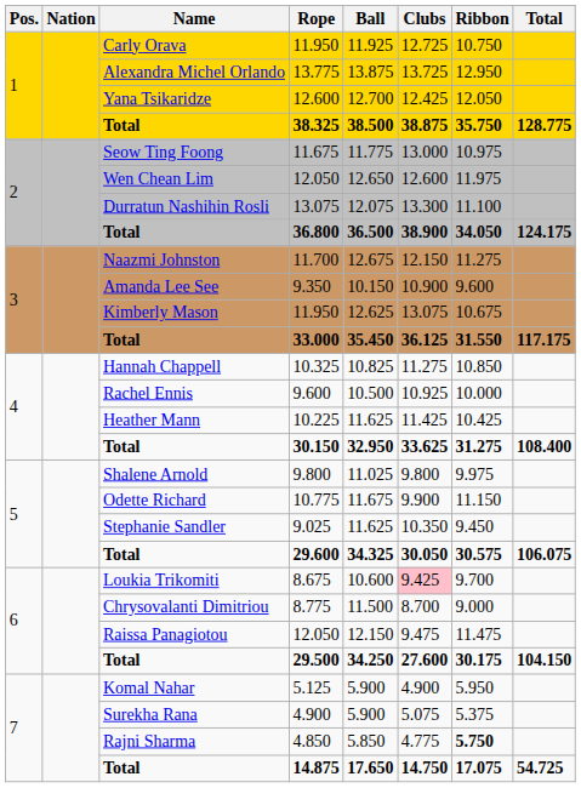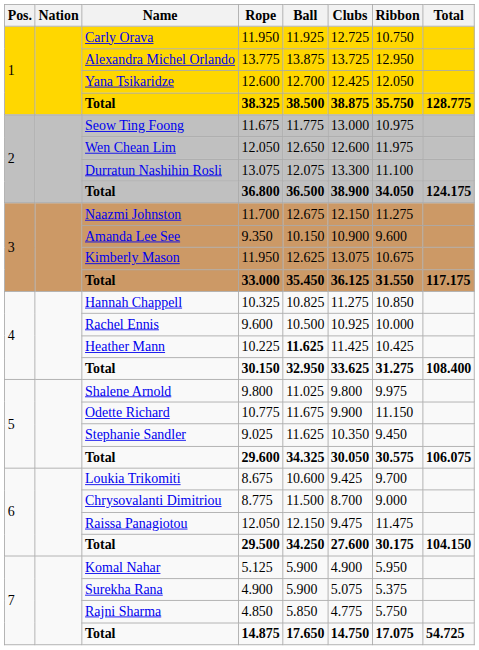 <table class="wikitable">
 <tr>
 <th>Pos.</th>
 <th>Nation</th>
 <th>Name</th>
 <th>Rope</th>
 <th>Ball</th>
 <th>Clubs</th>
 <th>Ribbon</th>
 <th>Total</th>
 </tr>
 <tr bgcolor="gold">
 <td rowspan="4">1</td>
 <td rowspan="4"></td>
 <td><a href='#'>Carly Orava</a></td>
 <td>11.950</td>
 <td>11.925</td>
 <td>12.725</td>
 <td>10.750</td>
 <td></td>
 </tr>
 <tr bgcolor="gold">
 <td><a href='#'>Alexandra Michel Orlando</a></td>
 <td>13.775</td>
 <td>13.875</td>
 <td>13.725</td>
 <td>12.950</td>
 <td></td>
 </tr>
 <tr bgcolor="gold">
 <td><a href='#'>Yana Tsikaridze</a></td>
 <td>12.600</td>
 <td>12.700</td>
 <td>12.425</td>
 <td>12.050</td>
 <td></td>
 </tr>
 <tr bgcolor="gold">
 <td><strong>Total</strong></td>
 <td><strong>38.325</strong></td>
 <td><strong>38.500</strong></td>
 <td><strong>38.875</strong></td>
 <td><strong>35.750</strong></td>
 <td><strong>128.775</strong></td>
 </tr>
 <tr bgcolor="silver">
 <td rowspan="4">2</td>
 <td rowspan="4"></td>
 <td><a href='#'>Seow Ting Foong</a></td>
 <td>11.675</td>
 <td>11.775</td>
 <td>13.000</td>
 <td>10.975</td>
 <td></td>
 </tr>
 <tr bgcolor="silver">
 <td><a href='#'>Wen Chean Lim</a></td>
 <td>12.050</td>
 <td>12.650</td>
 <td>12.600</td>
 <td>11.975</td>
 <td></td>
 </tr>
 <tr bgcolor="silver">
 <td><a href='#'>Durratun Nashihin Rosli</a></td>
 <td>13.075</td>
 <td>12.075</td>
 <td>13.300</td>
 <td>11.100</td>
 <td></td>
 </tr>
 <tr bgcolor="silver">
 <td><strong>Total</strong></td>
 <td><strong>36.800</strong></td>
 <td><strong>36.500</strong></td>
 <td><strong>38.900</strong></td>
 <td><strong>34.050</strong></td>
 <td><strong>124.175</strong></td>
 </tr>
 <tr bgcolor="cc9966">
 <td rowspan="4">3</td>
 <td rowspan="4"></td>
 <td><a href='#'>Naazmi Johnston</a></td>
 <td>11.700</td>
 <td>12.675</td>
 <td>12.150</td>
 <td>11.275</td>
 <td></td>
 </tr>
 <tr bgcolor="cc9966">
 <td><a href='#'>Amanda Lee See</a></td>
 <td>9.350</td>
 <td>10.150</td>
 <td>10.900</td>
 <td>9.600</td>
 <td></td>
 </tr>
 <tr bgcolor="cc9966">
 <td><a href='#'>Kimberly Mason</a></td>
 <td>11.950</td>
 <td>12.625</td>
 <td>13.075</td>
 <td>10.675</td>
 <td></td>
 </tr>
 <tr bgcolor="cc9966">
 <td><strong>Total</strong></td>
 <td><strong>33.000</strong></td>
 <td><strong>35.450</strong></td>
 <td><strong>36.125</strong></td>
 <td><strong>31.550</strong></td>
 <td><strong>117.175</strong></td>
 </tr>
 <tr>
 <td rowspan="4">4</td>
 <td rowspan="4"></td>
 <td><a href='#'>Hannah Chappell</a></td>
 <td>10.325</td>
 <td>10.825</td>
 <td>11.275</td>
 <td>10.850</td>
 <td></td>
 </tr>
 <tr>
 <td><a href='#'>Rachel Ennis</a></td>
 <td>9.600</td>
 <td>10.500</td>
 <td>10.925</td>
 <td>10.000</td>
 <td></td>
 </tr>
 <tr>
 <td><a href='#'>Heather Mann</a></td>
 <td>10.225</td>
-<td>11.625</td>
+<td><strong>11.625</strong></td>
 <td>11.425</td>
 <td>10.425</td>
 <td></td>
 </tr>
 <tr>
 <td><strong>Total</strong></td>
 <td><strong>30.150</strong></td>
 <td><strong>32.950</strong></td>
 <td><strong>33.625</strong></td>
 <td><strong>31.275</strong></td>
 <td><strong>108.400</strong></td>
 </tr>
 <tr>
 <td rowspan="4">5</td>
 <td rowspan="4"></td>
 <td><a href='#'>Shalene Arnold</a></td>
 <td>9.800</td>
 <td>11.025</td>
 <td>9.800</td>
 <td>9.975</td>
 <td></td>
 </tr>
 <tr>
 <td><a href='#'>Odette Richard</a></td>
 <td>10.775</td>
 <td>11.675</td>
 <td>9.900</td>
 <td>11.150</td>
 <td></td>
 </tr>
 <tr>
 <td><a href='#'>Stephanie Sandler</a></td>
 <td>9.025</td>
 <td>11.625</td>
 <td>10.350</td>
 <td>9.450</td>
 <td></td>
 </tr>
 <tr>
 <td><strong>Total</strong></td>
 <td><strong>29.600</strong></td>
 <td><strong>34.325</strong></td>
 <td><strong>30.050</strong></td>
 <td><strong>30.575</strong></td>
 <td><strong>106.075</strong></td>
 </tr>
 <tr>
 <td rowspan="4">6</td>
 <td rowspan="4"></td>
 <td><a href='#'>Loukia Trikomiti</a></td>
 <td>8.675</td>
 <td>10.600</td>
-<td style="background: pink;">9.425</td>
+<td>9.425</td>
 <td>9.700</td>
 <td></td>
 </tr>
 <tr>
 <td><a href='#'>Chrysovalanti Dimitriou</a></td>
 <td>8.775</td>
 <td>11.500</td>
 <td>8.700</td>
 <td>9.000</td>
 <td></td>
 </tr>
 <tr>
 <td><a href='#'>Raissa Panagiotou</a></td>
 <td>12.050</td>
 <td>12.150</td>
 <td>9.475</td>
 <td>11.475</td>
 <td></td>
 </tr>
 <tr>
 <td><strong>Total</strong></td>
 <td><strong>29.500</strong></td>
 <td><strong>34.250</strong></td>
 <td><strong>27.600</strong></td>
 <td><strong>30.175</strong></td>
 <td><strong>104.150</strong></td>
 </tr>
 <tr>
 <td rowspan="4">7</td>
 <td rowspan="4"></td>
 <td><a href='#'>Komal Nahar</a></td>
 <td>5.125</td>
 <td>5.900</td>
 <td>4.900</td>
 <td>5.950</td>
 <td></td>
 </tr>
 <tr>
 <td><a href='#'>Surekha Rana</a></td>
 <td>4.900</td>
 <td>5.900</td>
 <td>5.075</td>
 <td>5.375</td>
 <td></td>
 </tr>
 <tr>
 <td><a href='#'>Rajni Sharma</a></td>
 <td>4.850</td>
 <td>5.850</td>
 <td>4.775</td>
-<td><strong>5.750</strong></td>
+<td>5.750</td>
 <td></td>
 </tr>
 <tr>
 <td><strong>Total</strong></td>
 <td><strong>14.875</strong></td>
 <td><strong>17.650</strong></td>
 <td><strong>14.750</strong></td>
 <td><strong>17.075</strong></td>
 <td><strong>54.725</strong></td>
 </tr>
 </table>
